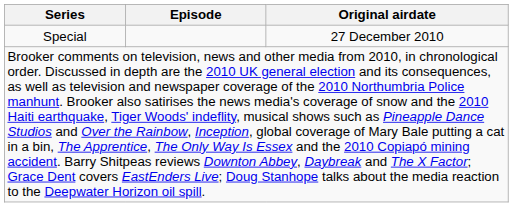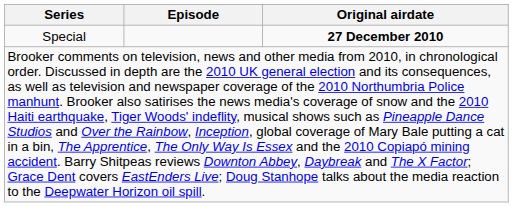 <table class="wikitable" style="text-align:center">
 <tr>
 <th>Series</th>
 <th>Episode</th>
 <th>Original airdate</th>
 </tr>
 <tr>
 <td>Special</td>
 <td></td>
-<td>27 December 2010</td>
+<td><strong>27 December 2010</strong></td>
 </tr>
 <tr>
 <td colspan="3" align="left">Brooker comments on television, news and other media from 2010, in chronological order. Discussed in depth are the <a href='#'>2010 UK general election</a> and its consequences, as well as television and newspaper coverage of the <a href='#'>2010 Northumbria Police manhunt</a>. Brooker also satirises the news media's coverage of snow and the <a href='#'>2010 Haiti earthquake</a>, <a href='#'>Tiger Woods' indeflity</a>, musical shows such as <em><a href='#'>Pineapple Dance Studios</a></em> and <em><a href='#'>Over the Rainbow</a></em>, <em><a href='#'>Inception</a></em>, global coverage of Mary Bale putting a cat in a bin, <em><a href='#'>The Apprentice</a></em>, <em><a href='#'>The Only Way Is Essex</a></em> and the <a href='#'>2010 Copiapó mining accident</a>. Barry Shitpeas reviews <em><a href='#'>Downton Abbey</a></em>, <em><a href='#'>Daybreak</a></em> and <em><a href='#'>The X Factor</a></em>; <a href='#'>Grace Dent</a> covers <em><a href='#'>EastEnders Live</a></em>; <a href='#'>Doug Stanhope</a> talks about the media reaction to the <a href='#'>Deepwater Horizon oil spill</a>.</td>
 </tr>
 </table>
